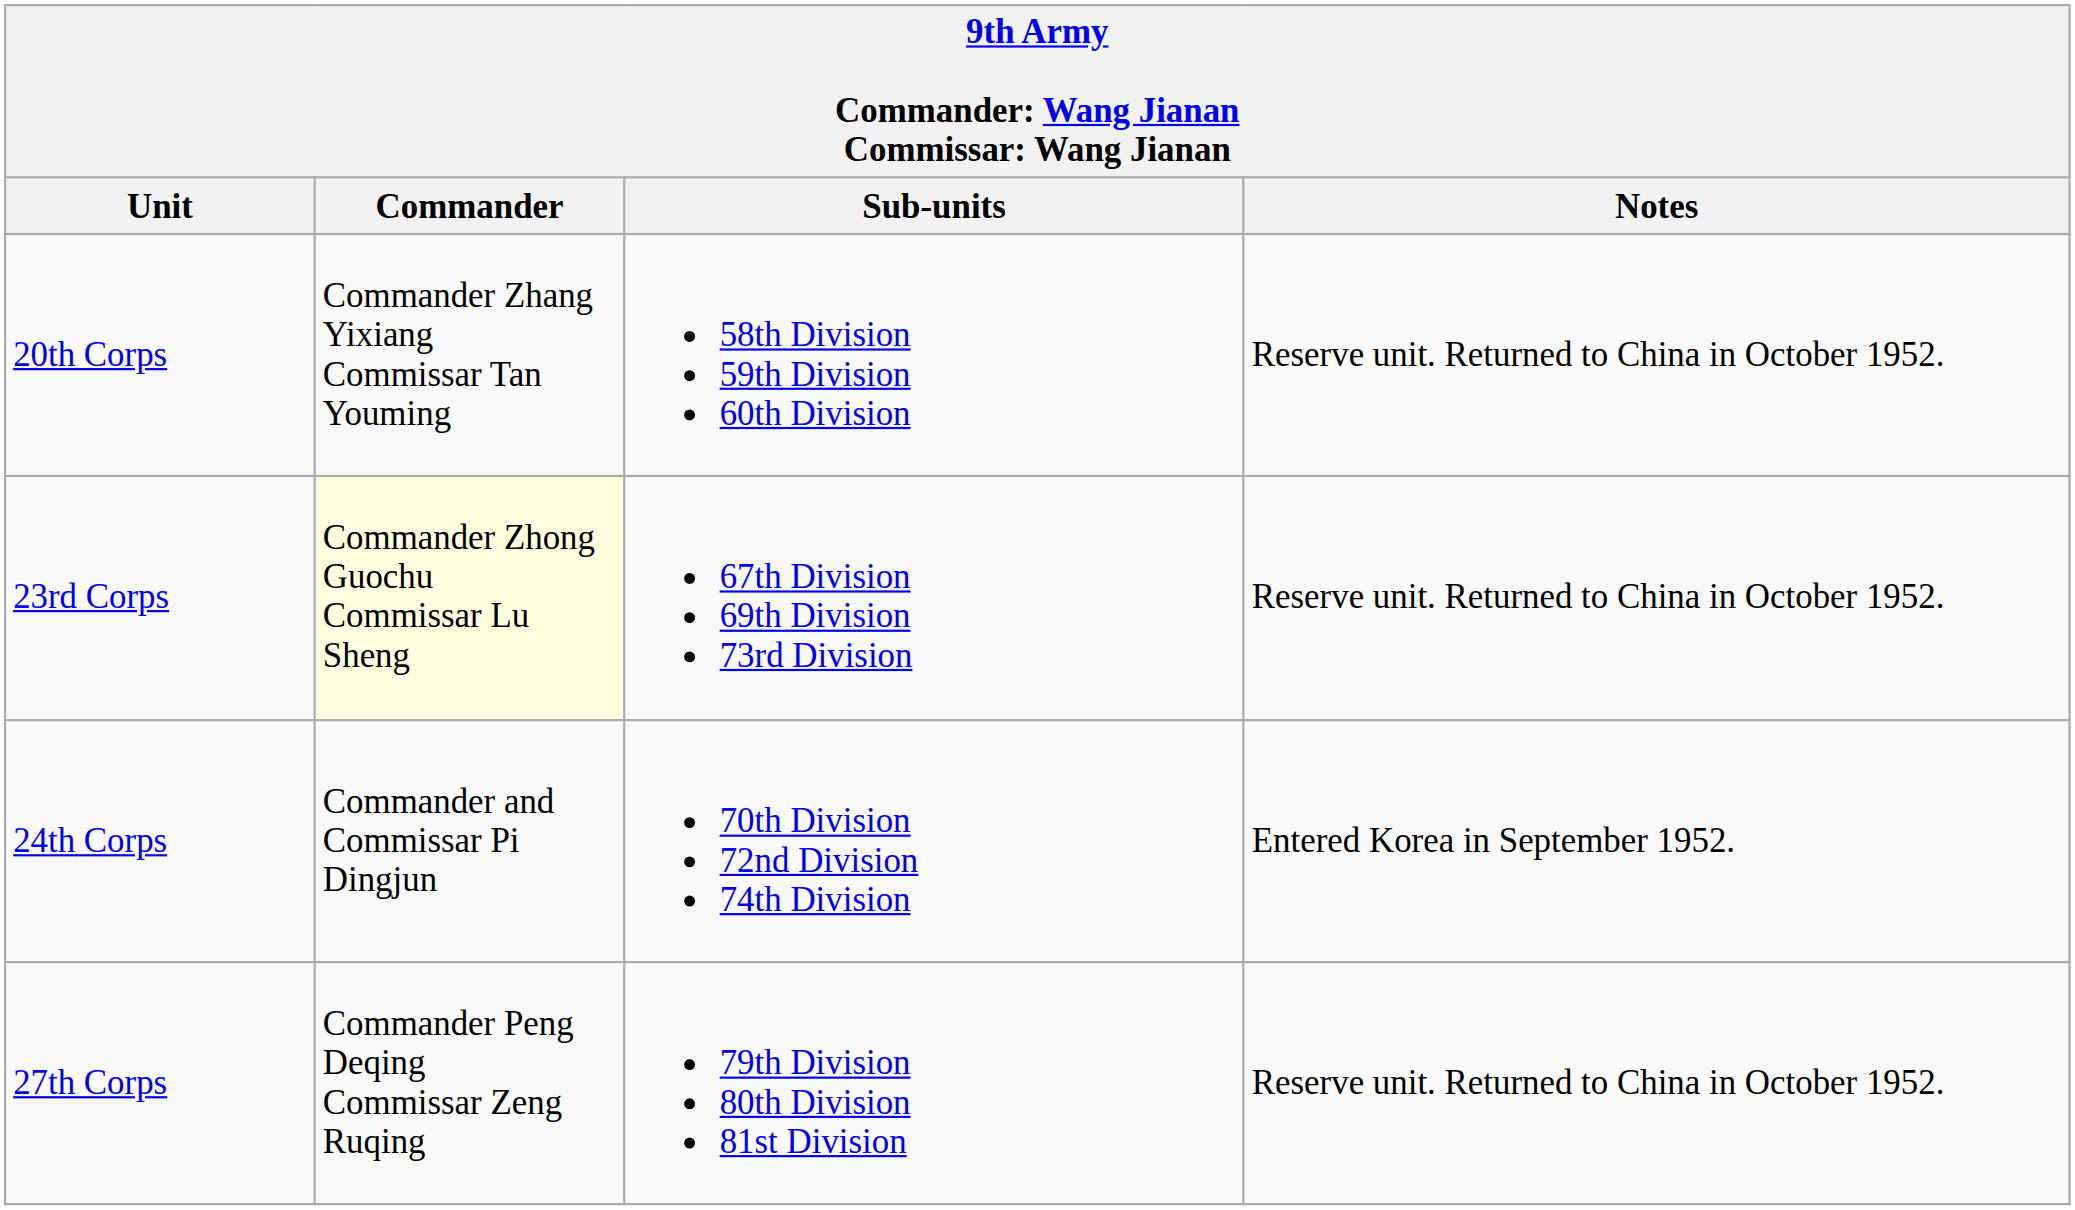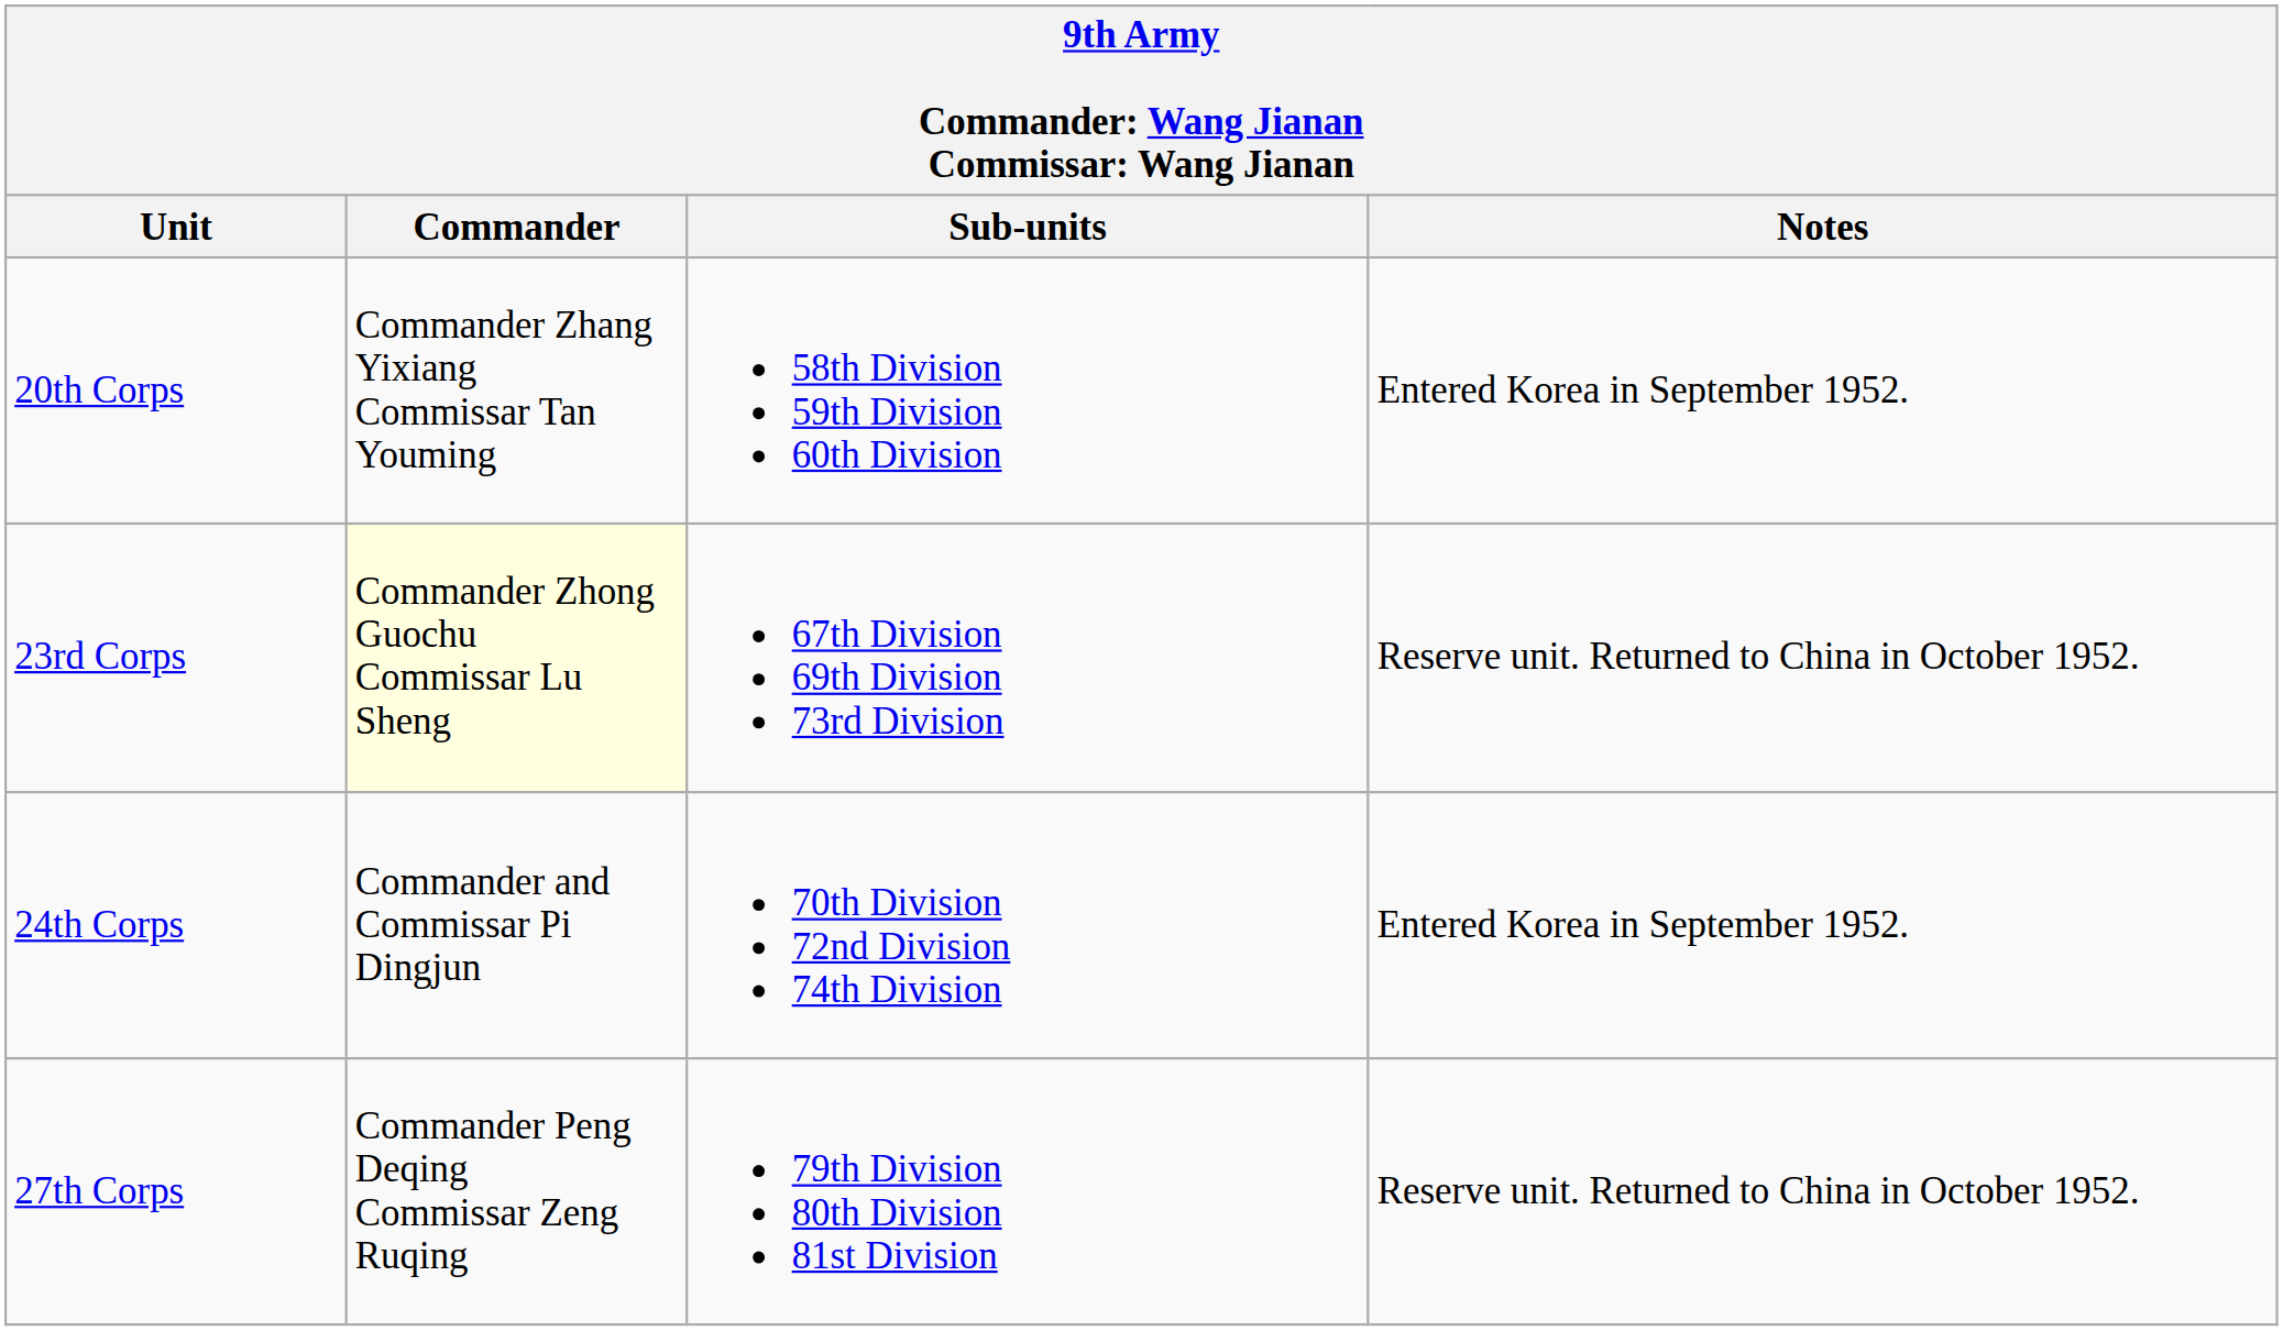 <table class="wikitable" style="width: 75%">
 <tr>
 <th colspan="4" align= center> <a href='#'>9th Army</a><br><br>Commander: <a href='#'>Wang Jianan</a><br> Commissar: Wang Jianan</th>
 </tr>
 <tr>
 <th width=15%; align= center>Unit</th>
 <th width=15%; align= center>Commander</th>
 <th width=30%; align= center>Sub-units</th>
 <th width=40%; align= center>Notes</th>
 </tr>
 <tr>
 <td><a href='#'>20th Corps</a></td>
 <td>Commander Zhang Yixiang<br>Commissar Tan Youming</td>
 <td><br><ul><li><a href='#'>58th Division</a></li><li><a href='#'>59th Division</a></li><li><a href='#'>60th Division</a></li></ul></td>
-<td>Reserve unit. Returned to China in October 1952.</td>
+<td>Entered Korea in September 1952.</td>
 </tr>
 <tr>
 <td><a href='#'>23rd Corps</a></td>
 <td style="background: lightyellow;">Commander Zhong Guochu<br>Commissar Lu Sheng</td>
 <td><br><ul><li><a href='#'>67th Division</a></li><li><a href='#'>69th Division</a></li><li><a href='#'>73rd Division</a></li></ul></td>
 <td>Reserve unit. Returned to China in October 1952.</td>
 </tr>
 <tr>
 <td><a href='#'>24th Corps</a></td>
 <td>Commander and Commissar Pi Dingjun</td>
 <td><br><ul><li><a href='#'>70th Division</a></li><li><a href='#'>72nd Division</a></li><li><a href='#'>74th Division</a></li></ul></td>
 <td>Entered Korea in September 1952.</td>
 </tr>
 <tr>
 <td><a href='#'>27th Corps</a></td>
 <td>Commander Peng Deqing<br>Commissar Zeng Ruqing</td>
 <td><br><ul><li><a href='#'>79th Division</a></li><li><a href='#'>80th Division</a></li><li><a href='#'>81st Division</a></li></ul></td>
 <td>Reserve unit. Returned to China in October 1952.</td>
 </tr>
 </table>
